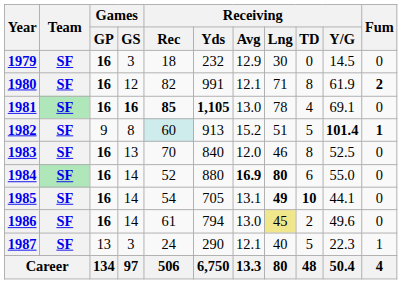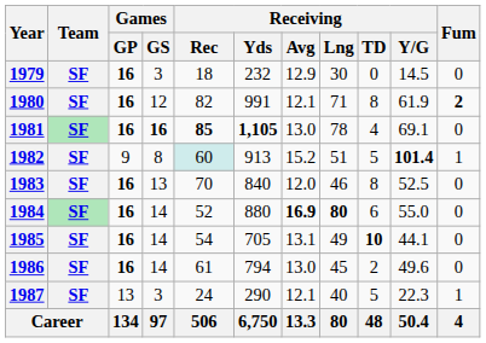 <table class="wikitable sortable" style="text-align: center;">
 <tr>
 <th rowspan="2">Year</th>
 <th rowspan="2">Team</th>
 <th colspan="2">Games</th>
 <th colspan="6">Receiving</th>
 <th rowspan="2">Fum</th>
 </tr>
 <tr>
 <th>GP</th>
 <th>GS</th>
 <th>Rec</th>
 <th>Yds</th>
 <th>Avg</th>
 <th>Lng</th>
 <th>TD</th>
 <th>Y/G</th>
 </tr>
 <tr>
 <th><a href='#'>1979</a></th>
 <th><a href='#'>SF</a></th>
 <td><strong>16</strong></td>
 <td>3</td>
 <td>18</td>
 <td>232</td>
 <td>12.9</td>
 <td>30</td>
 <td>0</td>
 <td>14.5</td>
 <td>0</td>
 </tr>
 <tr>
 <th><a href='#'>1980</a></th>
 <th><a href='#'>SF</a></th>
 <td><strong>16</strong></td>
 <td>12</td>
 <td>82</td>
 <td>991</td>
 <td>12.1</td>
 <td>71</td>
 <td>8</td>
 <td>61.9</td>
 <td><strong>2</strong></td>
 </tr>
 <tr>
 <th><a href='#'>1981</a></th>
 <th style="background:#afe6ba; width:3em;"><a href='#'>SF</a></th>
 <td><strong>16</strong></td>
 <td><strong>16</strong></td>
 <td><strong>85</strong></td>
 <td><strong>1,105</strong></td>
 <td>13.0</td>
 <td>78</td>
 <td>4</td>
 <td>69.1</td>
 <td>0</td>
 </tr>
 <tr>
 <th><a href='#'>1982</a></th>
 <th><a href='#'>SF</a></th>
 <td>9</td>
 <td>8</td>
 <td style="background:#cfecec; width:3em;">60</td>
 <td>913</td>
 <td>15.2</td>
 <td>51</td>
 <td>5</td>
 <td><strong>101.4</strong></td>
-<td><strong>1</strong></td>
+<td>1</td>
 </tr>
 <tr>
 <th><a href='#'>1983</a></th>
 <th><a href='#'>SF</a></th>
 <td><strong>16</strong></td>
 <td>13</td>
 <td>70</td>
 <td>840</td>
 <td>12.0</td>
 <td>46</td>
 <td>8</td>
 <td>52.5</td>
 <td>0</td>
 </tr>
 <tr>
 <th><a href='#'>1984</a></th>
 <th style="background:#afe6ba; width:3em;"><a href='#'>SF</a></th>
 <td><strong>16</strong></td>
 <td>14</td>
 <td>52</td>
 <td>880</td>
 <td><strong>16.9</strong></td>
 <td><strong>80</strong></td>
 <td>6</td>
 <td>55.0</td>
 <td>0</td>
 </tr>
 <tr>
 <th><a href='#'>1985</a></th>
 <th><a href='#'>SF</a></th>
 <td><strong>16</strong></td>
 <td>14</td>
 <td>54</td>
 <td>705</td>
 <td>13.1</td>
-<td><strong>49</strong></td>
+<td>49</td>
 <td><strong>10</strong></td>
 <td>44.1</td>
 <td>0</td>
 </tr>
 <tr>
 <th><a href='#'>1986</a></th>
 <th><a href='#'>SF</a></th>
 <td><strong>16</strong></td>
 <td>14</td>
 <td>61</td>
 <td>794</td>
 <td>13.0</td>
-<td style="background: khaki;">45</td>
+<td>45</td>
 <td>2</td>
 <td>49.6</td>
 <td>0</td>
 </tr>
 <tr>
 <th><a href='#'>1987</a></th>
 <th><a href='#'>SF</a></th>
 <td>13</td>
 <td>3</td>
 <td>24</td>
 <td>290</td>
 <td>12.1</td>
 <td>40</td>
 <td>5</td>
 <td>22.3</td>
 <td>1</td>
 </tr>
 <tr>
 <th colspan="2">Career</th>
 <th>134</th>
 <th>97</th>
 <th>506</th>
 <th>6,750</th>
 <th>13.3</th>
 <th>80</th>
 <th>48</th>
 <th>50.4</th>
 <th>4</th>
 </tr>
 </table>
